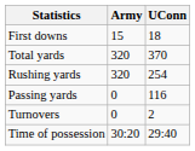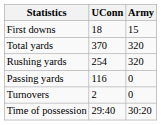 <table class="wikitable">
 <tr>
 <th>Statistics</th>
+<th>UConn</th>
 <th>Army</th>
-<th>UConn</th>
 </tr>
 <tr>
 <td>First downs</td>
+<td>18</td>
 <td>15</td>
-<td>18</td>
 </tr>
 <tr>
 <td>Total yards</td>
+<td>370</td>
 <td>320</td>
-<td>370</td>
 </tr>
 <tr>
 <td>Rushing yards</td>
+<td>254</td>
 <td>320</td>
-<td>254</td>
 </tr>
 <tr>
 <td>Passing yards</td>
+<td>116</td>
 <td>0</td>
-<td>116</td>
 </tr>
 <tr>
 <td>Turnovers</td>
+<td>2</td>
 <td>0</td>
-<td>2</td>
 </tr>
 <tr>
 <td>Time of possession</td>
+<td>29:40</td>
 <td>30:20</td>
-<td>29:40</td>
 </tr>
 </table>
